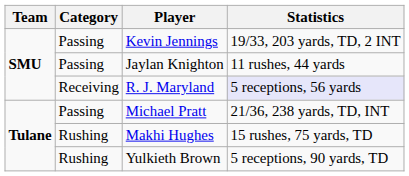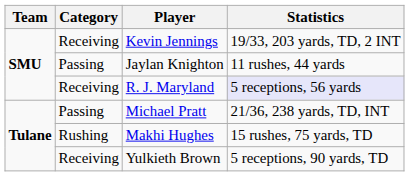 <table class="wikitable" style="float: right;">
 <tr>
 <th>Team</th>
 <th>Category</th>
 <th>Player</th>
 <th>Statistics</th>
 </tr>
 <tr>
 <td rowspan=3><strong>SMU</strong></td>
-<td>Passing</td>
+<td>Receiving</td>
 <td><a href='#'>Kevin Jennings</a></td>
 <td>19/33, 203 yards, TD, 2 INT</td>
 </tr>
 <tr>
 <td>Passing</td>
 <td>Jaylan Knighton</td>
 <td>11 rushes, 44 yards</td>
 </tr>
 <tr>
 <td>Receiving</td>
 <td><a href='#'>R. J. Maryland</a></td>
 <td style="background: lavender;">5 receptions, 56 yards</td>
 </tr>
 <tr>
 <td rowspan=3><strong>Tulane</strong></td>
 <td>Passing</td>
 <td><a href='#'>Michael Pratt</a></td>
 <td>21/36, 238 yards, TD, INT</td>
 </tr>
 <tr>
 <td>Rushing</td>
 <td><a href='#'>Makhi Hughes</a></td>
 <td>15 rushes, 75 yards, TD</td>
 </tr>
 <tr>
-<td>Rushing</td>
+<td>Receiving</td>
 <td>Yulkieth Brown</td>
 <td>5 receptions, 90 yards, TD</td>
 </tr>
 </table>
